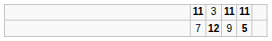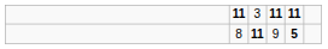 <table class="wikitable">
 <tr>
 <td style="width:18em"></td>
 <td align=center style="width:1em"><strong>11</strong></td>
 <td align=center style="width:1em">3</td>
 <td align=center style="width:1em"><strong>11</strong></td>
 <td align=center style="width:1em"><strong>11</strong></td>
 <td align=center style="width:1em"></td>
 </tr>
 <tr>
 <td style="width:18em"></td>
-<td align=center style="width:1em">7</td>
-<td align=center style="width:1em"><strong>12</strong></td>
+<td align=center style="width:1em">8</td>
+<td align=center style="width:1em"><strong>11</strong></td>
 <td align=center style="width:1em">9</td>
 <td align=center style="width:1em"><strong>5</strong></td>
 <td align=center style="width:1em"></td>
 </tr>
 </table>
